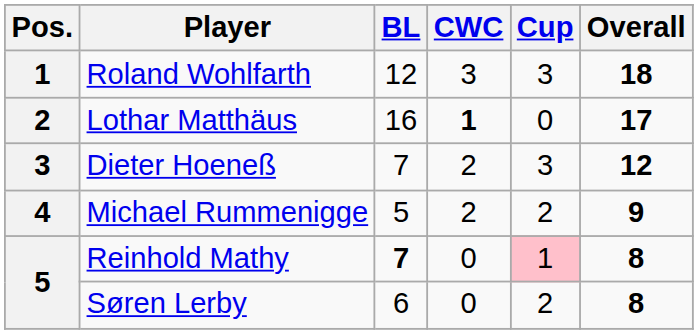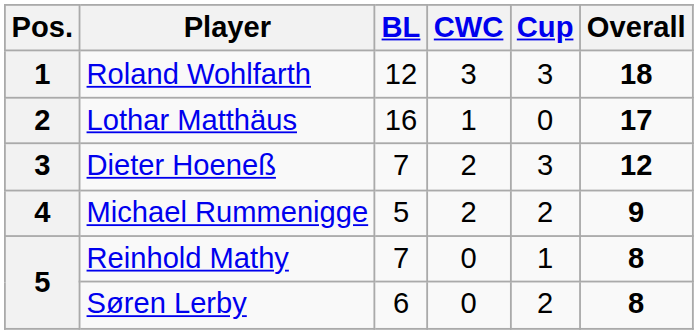 <table class="wikitable">
 <tr>
 <th>Pos.</th>
 <th>Player</th>
 <th><a href='#'>BL</a></th>
 <th><a href='#'>CWC</a></th>
 <th><a href='#'>Cup</a></th>
 <th>Overall</th>
 </tr>
 <tr>
 <th>1</th>
 <td> <a href='#'>Roland Wohlfarth</a></td>
 <td align="center">12</td>
 <td align="center">3</td>
 <td align="center">3</td>
 <td align="center"><strong>18</strong></td>
 </tr>
 <tr>
 <th>2</th>
 <td> <a href='#'>Lothar Matthäus</a></td>
 <td align="center">16</td>
-<td align="center"><strong>1</strong></td>
+<td align="center">1</td>
 <td align="center">0</td>
 <td align="center"><strong>17</strong></td>
 </tr>
 <tr>
 <th>3</th>
 <td> <a href='#'>Dieter Hoeneß</a></td>
 <td align="center">7</td>
 <td align="center">2</td>
 <td align="center">3</td>
 <td align="center"><strong>12</strong></td>
 </tr>
 <tr>
 <th>4</th>
 <td> <a href='#'>Michael Rummenigge</a></td>
 <td align="center">5</td>
 <td align="center">2</td>
 <td align="center">2</td>
 <td align="center"><strong>9</strong></td>
 </tr>
 <tr>
 <th rowspan=2>5</th>
 <td> <a href='#'>Reinhold Mathy</a></td>
-<td align="center"><strong>7</strong></td>
+<td align="center">7</td>
 <td align="center">0</td>
-<td align="center" style="background: pink;">1</td>
+<td align="center">1</td>
 <td align="center"><strong>8</strong></td>
 </tr>
 <tr>
 <td> <a href='#'>Søren Lerby</a></td>
 <td align="center">6</td>
 <td align="center">0</td>
 <td align="center">2</td>
 <td align="center"><strong>8</strong></td>
 </tr>
 </table>
